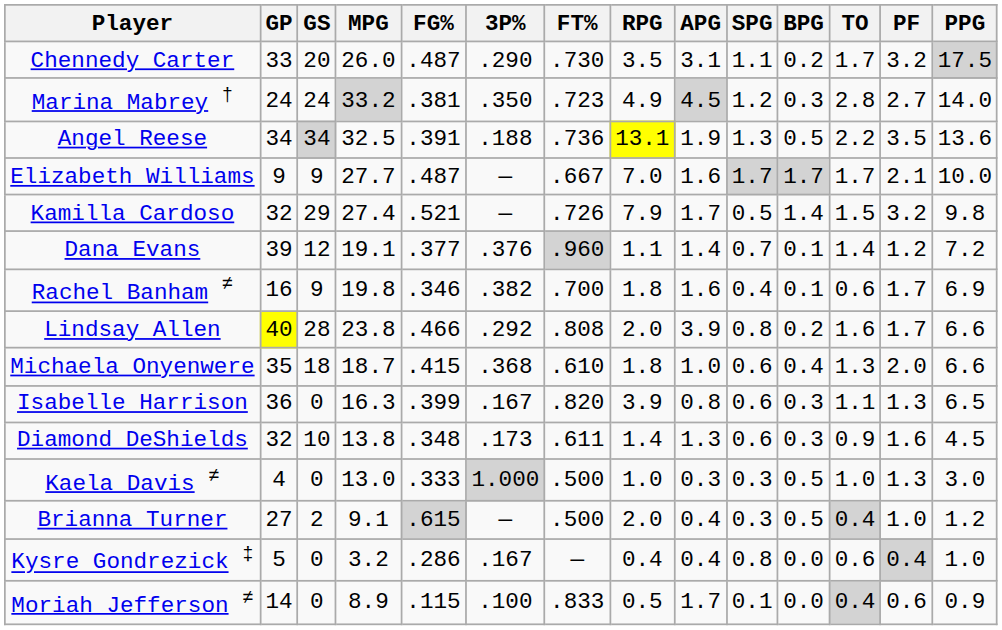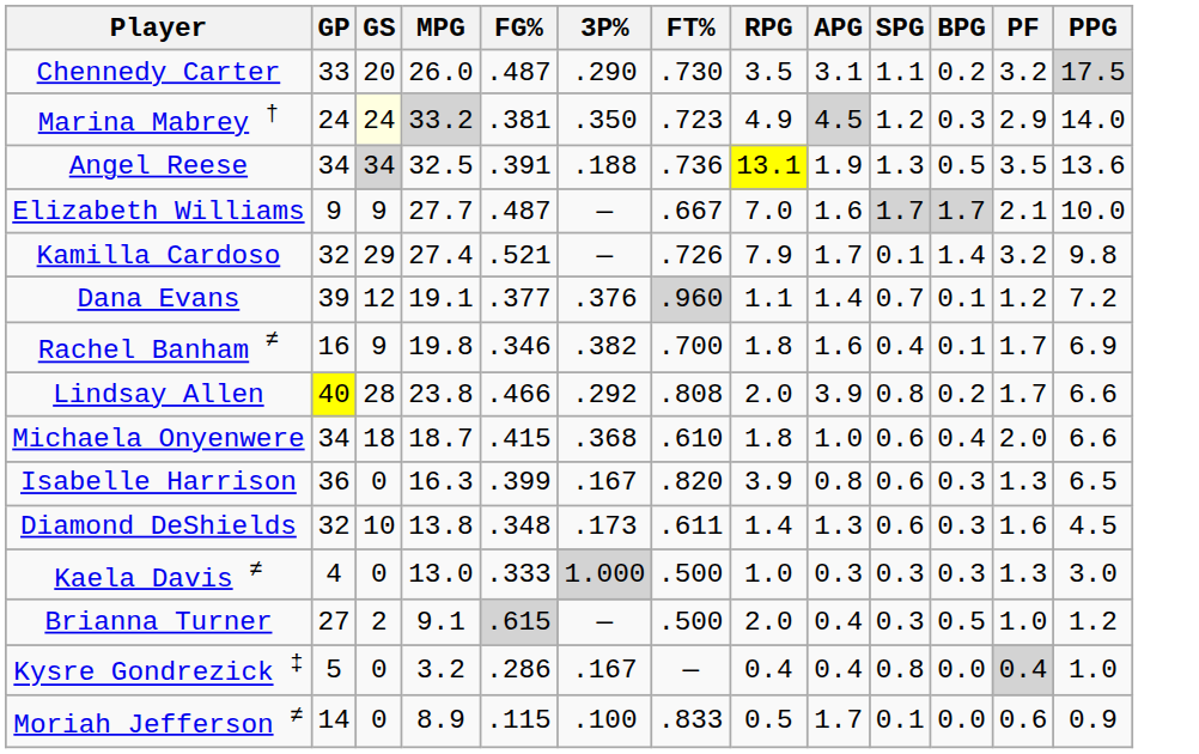 <table class="wikitable sortable" style="text-align:center;">
 <tr>
 <th>Player</th>
 <th>GP</th>
 <th>GS</th>
 <th>MPG</th>
 <th>FG%</th>
 <th>3P%</th>
 <th>FT%</th>
 <th>RPG</th>
 <th>APG</th>
 <th>SPG</th>
 <th>BPG</th>
-<th>TO</th>
 <th>PF</th>
 <th>PPG</th>
 </tr>
 <tr>
 <td><a href='#'>Chennedy Carter</a></td>
 <td>33</td>
 <td>20</td>
 <td>26.0</td>
 <td>.487</td>
 <td>.290</td>
 <td>.730</td>
 <td>3.5</td>
 <td>3.1</td>
 <td>1.1</td>
 <td>0.2</td>
-<td>1.7</td>
 <td>3.2</td>
 <td style="background:#D3D3D3;">17.5</td>
 </tr>
 <tr>
 <td><a href='#'>Marina Mabrey</a> <sup>†</sup></td>
 <td>24</td>
-<td>24</td>
+<td style="background: lightyellow;">24</td>
 <td style="background:#D3D3D3;">33.2</td>
 <td>.381</td>
 <td>.350</td>
 <td>.723</td>
 <td>4.9</td>
 <td style="background:#D3D3D3;">4.5</td>
 <td>1.2</td>
 <td>0.3</td>
-<td>2.8</td>
-<td>2.7</td>
+<td>2.9</td>
 <td>14.0</td>
 </tr>
 <tr>
 <td><a href='#'>Angel Reese</a></td>
 <td>34</td>
 <td style="background:#D3D3D3;">34</td>
 <td>32.5</td>
 <td>.391</td>
 <td>.188</td>
 <td>.736</td>
 <td style="background:yellow;">13.1</td>
 <td>1.9</td>
 <td>1.3</td>
 <td>0.5</td>
-<td>2.2</td>
 <td>3.5</td>
 <td>13.6</td>
 </tr>
 <tr>
 <td><a href='#'>Elizabeth Williams</a></td>
 <td>9</td>
 <td>9</td>
 <td>27.7</td>
 <td>.487</td>
 <td>—</td>
 <td>.667</td>
 <td>7.0</td>
 <td>1.6</td>
 <td style="background:#D3D3D3;">1.7</td>
 <td style="background:#D3D3D3;">1.7</td>
-<td>1.7</td>
 <td>2.1</td>
 <td>10.0</td>
 </tr>
 <tr>
 <td><a href='#'>Kamilla Cardoso</a></td>
 <td>32</td>
 <td>29</td>
 <td>27.4</td>
 <td>.521</td>
 <td>—</td>
 <td>.726</td>
 <td>7.9</td>
 <td>1.7</td>
-<td>0.5</td>
+<td>0.1</td>
 <td>1.4</td>
-<td>1.5</td>
 <td>3.2</td>
 <td>9.8</td>
 </tr>
 <tr>
 <td><a href='#'>Dana Evans</a></td>
 <td>39</td>
 <td>12</td>
 <td>19.1</td>
 <td>.377</td>
 <td>.376</td>
 <td style="background:#D3D3D3;">.960</td>
 <td>1.1</td>
 <td>1.4</td>
 <td>0.7</td>
 <td>0.1</td>
-<td>1.4</td>
 <td>1.2</td>
 <td>7.2</td>
 </tr>
 <tr>
 <td><a href='#'>Rachel Banham</a> <sup>≠</sup></td>
 <td>16</td>
 <td>9</td>
 <td>19.8</td>
 <td>.346</td>
 <td>.382</td>
 <td>.700</td>
 <td>1.8</td>
 <td>1.6</td>
 <td>0.4</td>
 <td>0.1</td>
-<td>0.6</td>
 <td>1.7</td>
 <td>6.9</td>
 </tr>
 <tr>
 <td><a href='#'>Lindsay Allen</a></td>
 <td style="background:yellow;">40</td>
 <td>28</td>
 <td>23.8</td>
 <td>.466</td>
 <td>.292</td>
 <td>.808</td>
 <td>2.0</td>
 <td>3.9</td>
 <td>0.8</td>
 <td>0.2</td>
-<td>1.6</td>
 <td>1.7</td>
 <td>6.6</td>
 </tr>
 <tr>
 <td><a href='#'>Michaela Onyenwere</a></td>
-<td>35</td>
+<td>34</td>
 <td>18</td>
 <td>18.7</td>
 <td>.415</td>
 <td>.368</td>
 <td>.610</td>
 <td>1.8</td>
 <td>1.0</td>
 <td>0.6</td>
 <td>0.4</td>
-<td>1.3</td>
 <td>2.0</td>
 <td>6.6</td>
 </tr>
 <tr>
 <td><a href='#'>Isabelle Harrison</a></td>
 <td>36</td>
 <td>0</td>
 <td>16.3</td>
 <td>.399</td>
 <td>.167</td>
 <td>.820</td>
 <td>3.9</td>
 <td>0.8</td>
 <td>0.6</td>
 <td>0.3</td>
-<td>1.1</td>
 <td>1.3</td>
 <td>6.5</td>
 </tr>
 <tr>
 <td><a href='#'>Diamond DeShields</a></td>
 <td>32</td>
 <td>10</td>
 <td>13.8</td>
 <td>.348</td>
 <td>.173</td>
 <td>.611</td>
 <td>1.4</td>
 <td>1.3</td>
 <td>0.6</td>
 <td>0.3</td>
-<td>0.9</td>
 <td>1.6</td>
 <td>4.5</td>
 </tr>
 <tr>
 <td><a href='#'>Kaela Davis</a> <sup>≠</sup></td>
 <td>4</td>
 <td>0</td>
 <td>13.0</td>
 <td>.333</td>
 <td style="background:#D3D3D3;">1.000</td>
 <td>.500</td>
 <td>1.0</td>
 <td>0.3</td>
 <td>0.3</td>
-<td>0.5</td>
-<td>1.0</td>
+<td>0.3</td>
 <td>1.3</td>
 <td>3.0</td>
 </tr>
 <tr>
 <td><a href='#'>Brianna Turner</a></td>
 <td>27</td>
 <td>2</td>
 <td>9.1</td>
 <td style="background:#D3D3D3;">.615</td>
 <td>—</td>
 <td>.500</td>
 <td>2.0</td>
 <td>0.4</td>
 <td>0.3</td>
 <td>0.5</td>
-<td style="background:#D3D3D3;">0.4</td>
 <td>1.0</td>
 <td>1.2</td>
 </tr>
 <tr>
 <td><a href='#'>Kysre Gondrezick</a> <sup>‡</sup></td>
 <td>5</td>
 <td>0</td>
 <td>3.2</td>
 <td>.286</td>
 <td>.167</td>
 <td>—</td>
 <td>0.4</td>
 <td>0.4</td>
 <td>0.8</td>
 <td>0.0</td>
-<td>0.6</td>
 <td style="background:#D3D3D3;">0.4</td>
 <td>1.0</td>
 </tr>
 <tr>
 <td><a href='#'>Moriah Jefferson</a> <sup>≠</sup></td>
 <td>14</td>
 <td>0</td>
 <td>8.9</td>
 <td>.115</td>
 <td>.100</td>
 <td>.833</td>
 <td>0.5</td>
 <td>1.7</td>
 <td>0.1</td>
 <td>0.0</td>
-<td style="background:#D3D3D3;">0.4</td>
 <td>0.6</td>
 <td>0.9</td>
 </tr>
 </table>
